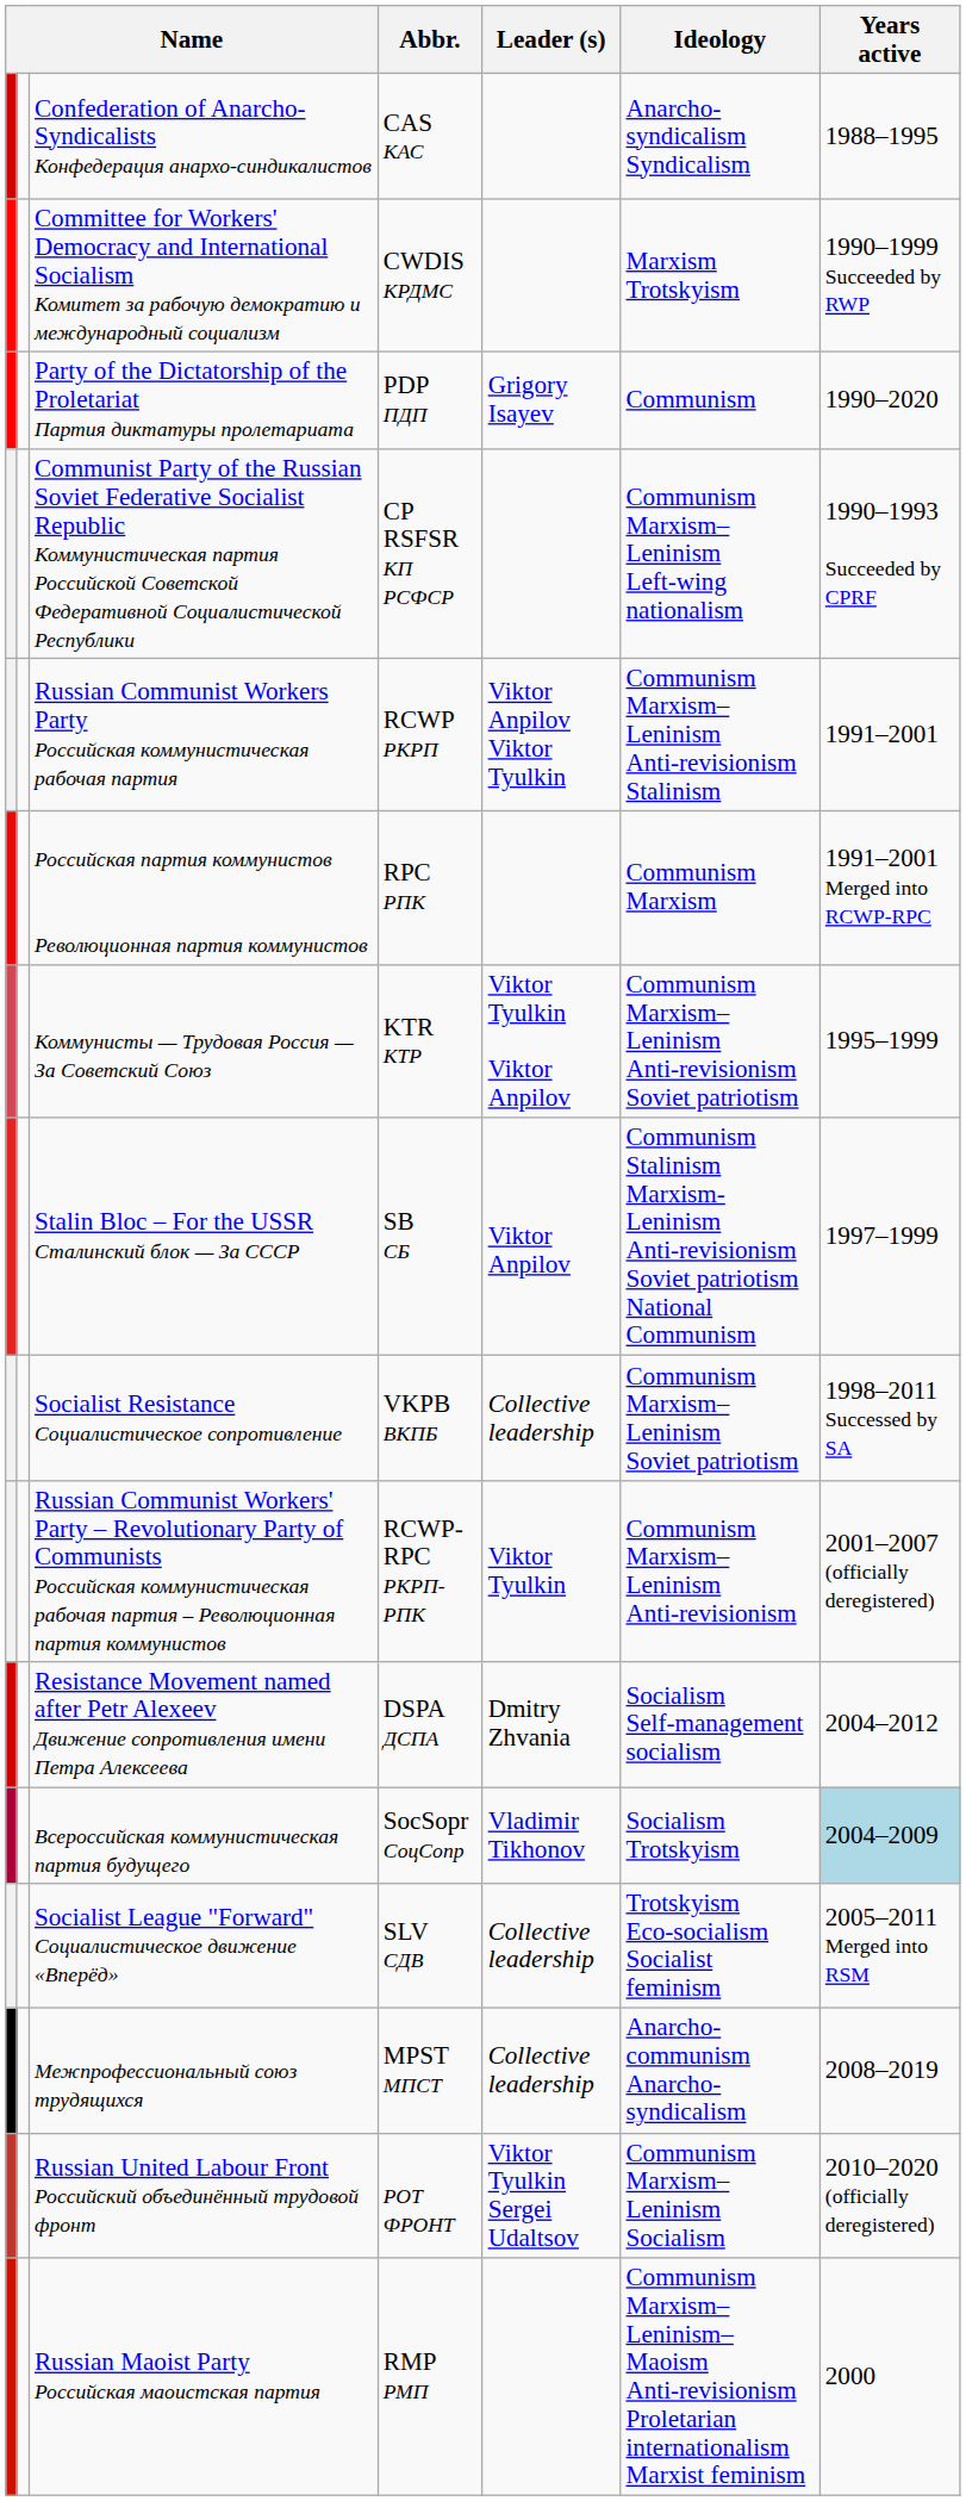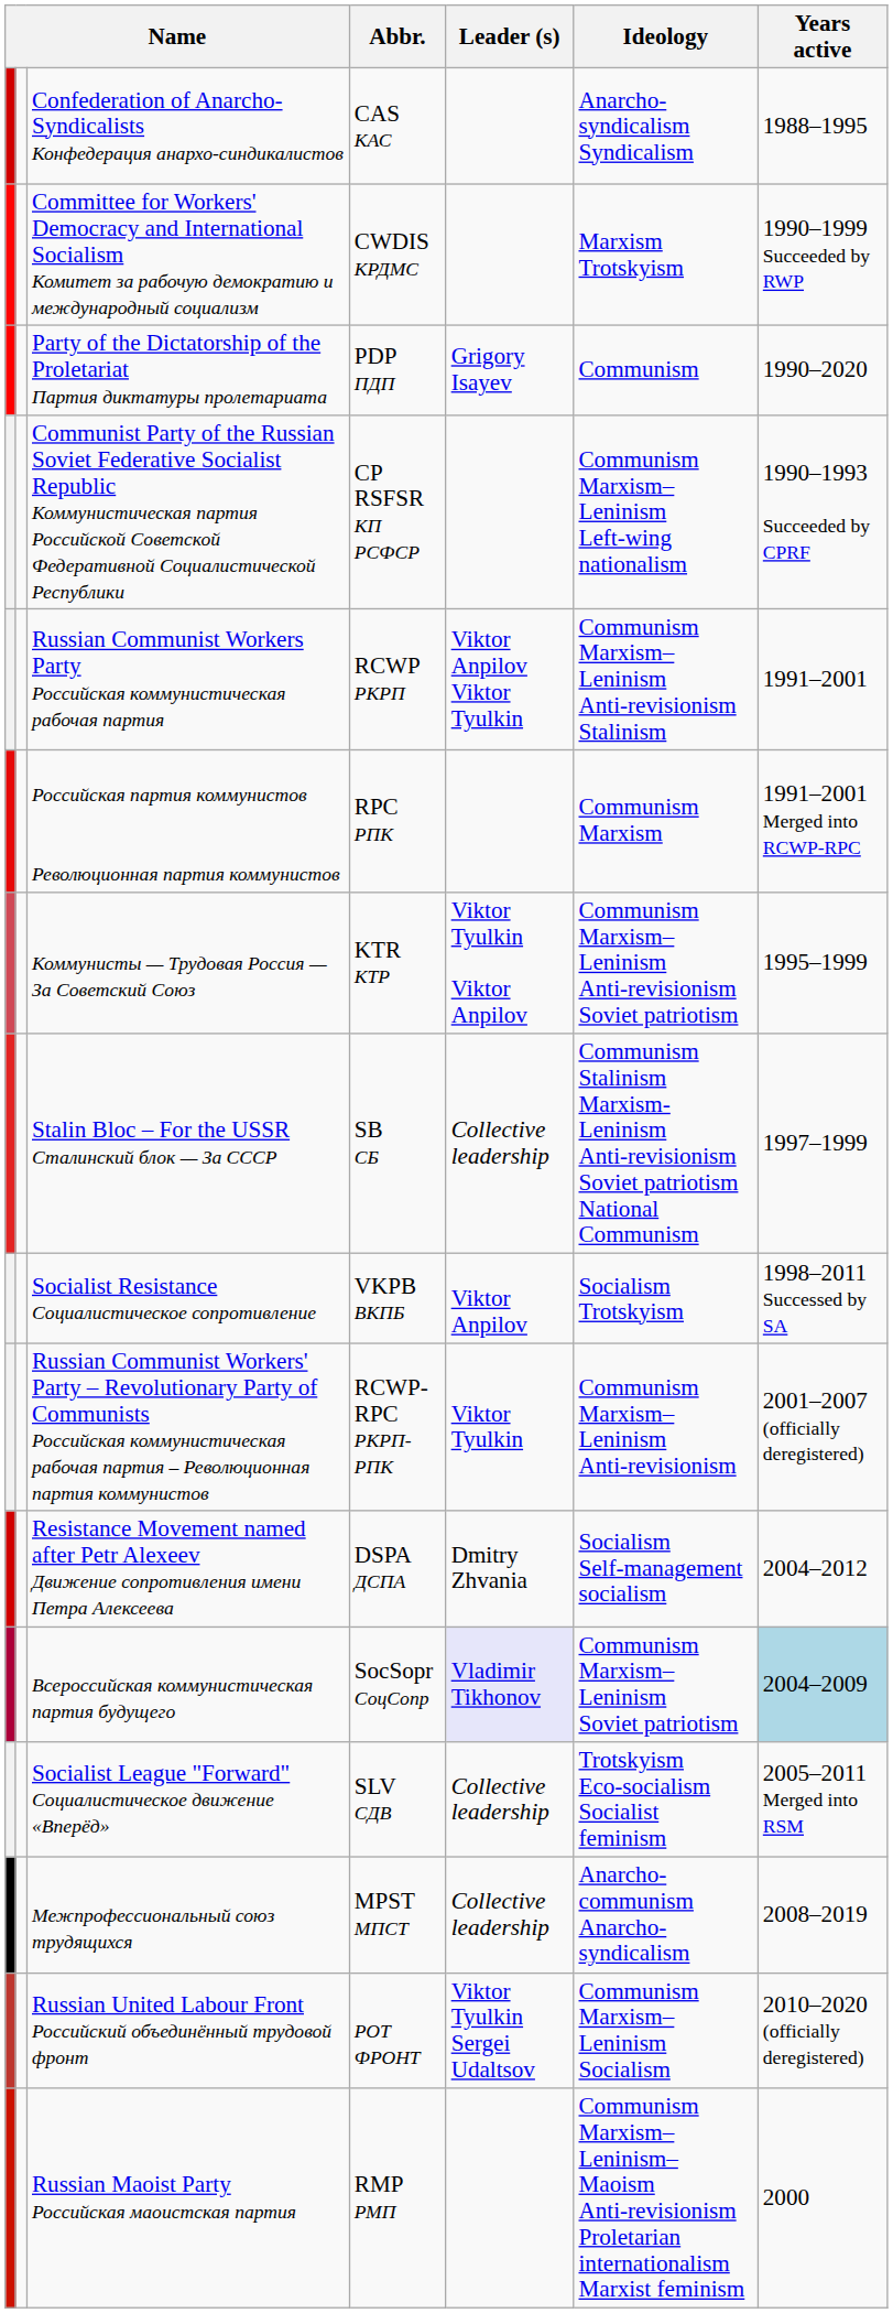 <table class="wikitable sortable">
 <tr>
 <th colspan=3>Name</th>
 <th>Abbr.</th>
 <th>Leader (s)</th>
 <th>Ideology</th>
 <th>Years active</th>
 </tr>
 <tr>
 <th style="background:#D10000;"></th>
 <td></td>
 <td><a href='#'>Confederation of Anarcho-Syndicalists</a><br><small><em>Конфедерация анархо-синдикалистов</em></small></td>
 <td>CAS<br><small><em>КАС</em></small></td>
 <td><br> <br>  <br>  <br> </td>
 <td><a href='#'>Anarcho-syndicalism</a><br><a href='#'>Syndicalism</a></td>
 <td>1988–1995</td>
 </tr>
 <tr>
 <th style="background:#FF0403;"></th>
 <td></td>
 <td><a href='#'>Committee for Workers' Democracy and International Socialism</a><br><small><em>Комитет за рабочую демократию и международный социализм</em></small></td>
 <td>CWDIS<br><small><em>КРДМС</em></small></td>
 <td></td>
 <td><a href='#'>Marxism</a><br><a href='#'>Trotskyism</a></td>
 <td>1990–1999<br><small>Succeeded by <a href='#'>RWP</a></small></td>
 </tr>
 <tr>
 <th style="background:#FF0000;"></th>
 <td></td>
 <td><a href='#'>Party of the Dictatorship of the Proletariat</a><br><small><em>Партия диктатуры пролетариата</em></small></td>
 <td>PDP<br><small><em>ПДП</em></small></td>
 <td><a href='#'>Grigory Isayev</a></td>
 <td><a href='#'>Communism</a><br></td>
 <td>1990–2020</td>
 </tr>
 <tr>
 <th style="background:"></th>
 <td></td>
 <td><a href='#'>Communist Party of the Russian Soviet Federative Socialist Republic</a><br><small><em>Коммунистическая партия Российской Советской Федеративной Социалистической Республики</em></small></td>
 <td>CP RSFSR<br><small><em>КП РСФСР</em></small></td>
 <td><br></td>
 <td><a href='#'>Communism</a><br><a href='#'>Marxism–Leninism</a><br><a href='#'>Left-wing nationalism</a></td>
 <td>1990–1993<br><br><small>Succeeded by <a href='#'>CPRF</a></small></td>
 </tr>
 <tr>
 <th style="background:"></th>
 <td></td>
 <td><a href='#'>Russian Communist Workers Party</a><br><small><em>Российская коммунистическая рабочая партия</em></small></td>
 <td>RCWP<br><small><em>РКРП</em></small></td>
 <td><a href='#'>Viktor Anpilov</a><br><a href='#'>Viktor Tyulkin</a></td>
 <td><a href='#'>Communism</a><br><a href='#'>Marxism–Leninism</a><br><a href='#'>Anti-revisionism</a><br><a href='#'>Stalinism</a></td>
 <td>1991–2001<br><small></small></td>
 </tr>
 <tr>
 <th style="background:#E70808;"></th>
 <td></td>
 <td> <br> <small><em>Российская партия коммунистов</em></small><br><br> <br> <small><em>Революционная партия коммунистов</em></small></td>
 <td>RPC<br><small><em>РПК</em></small></td>
 <td></td>
 <td><a href='#'>Communism</a><br><a href='#'>Marxism</a></td>
 <td>1991–2001<br><small>Merged into <a href='#'>RCWP-RPC</a></small></td>
 </tr>
 <tr>
 <th style="background:#D04856;"></th>
 <td></td>
 <td> <br><small><em>Коммунисты — Трудовая Россия — За Советский Союз</em></small></td>
 <td>KTR<br><small><em>КТР</em></small></td>
 <td><a href='#'>Viktor Tyulkin</a><br><br><a href='#'>Viktor Anpilov</a></td>
 <td><a href='#'>Communism</a><br><a href='#'>Marxism–Leninism</a><br><a href='#'>Anti-revisionism</a><br><a href='#'>Soviet patriotism</a></td>
 <td>1995–1999</td>
 </tr>
 <tr>
 <th style="background:#E32322;"></th>
 <td></td>
 <td><a href='#'>Stalin Bloc – For the USSR</a><br><small><em>Сталинский блок — За СССР</em></small></td>
 <td>SB<br><small><em>СБ</em></small></td>
-<td><br><a href='#'>Viktor Anpilov</a><br></td>
+<td><em>Collective leadership</em></td>
 <td><a href='#'>Communism</a><br><a href='#'>Stalinism</a><br><a href='#'>Marxism-Leninism</a><br><a href='#'>Anti-revisionism</a><br><a href='#'>Soviet patriotism</a><br><a href='#'>National Communism</a></td>
 <td>1997–1999</td>
 </tr>
 <tr>
 <th style="background:"></th>
 <td></td>
 <td><a href='#'>Socialist Resistance</a><br><small><em>Социалистическое сопротивление</em></small></td>
 <td>VKPB<br><small><em>ВКПБ</em></small></td>
-<td><em>Collective leadership</em></td>
-<td><a href='#'>Communism</a><br><a href='#'>Marxism–Leninism</a><br><a href='#'>Soviet patriotism</a></td>
+<td><br><a href='#'>Viktor Anpilov</a><br></td>
+<td><a href='#'>Socialism</a><br><a href='#'>Trotskyism</a></td>
 <td>1998–2011<br><small>Successed by <a href='#'>SA</a></small></td>
 </tr>
 <tr>
 <th style="background:"></th>
 <td></td>
 <td><a href='#'>Russian Communist Workers' Party – Revolutionary Party of Communists</a><br><small><em>Российская коммунистическая рабочая партия – Революционная партия коммунистов</em></small></td>
 <td>RCWP-RPC<br><small><em>РКРП-РПК</em></small></td>
 <td><a href='#'>Viktor Tyulkin</a></td>
 <td><a href='#'>Communism</a><br><a href='#'>Marxism–Leninism</a><br><a href='#'>Anti-revisionism</a></td>
 <td>2001–2007<br><small>(officially deregistered)</small></td>
 </tr>
 <tr>
 <th style="background:#D10000;"></th>
 <td></td>
 <td><a href='#'>Resistance Movement named after Petr Alexeev</a><br><small><em>Движение сопротивления имени Петра Алексеева</em></small></td>
 <td>DSPA<br><small><em>ДСПА</em></small></td>
 <td>Dmitry Zhvania</td>
 <td><a href='#'>Socialism</a><br><a href='#'>Self-management socialism</a></td>
 <td>2004–2012</td>
 </tr>
 <tr>
 <th style="background:#AC003A;"></th>
 <td></td>
 <td><br><small><em>Всероссийская коммунистическая партия будущего</em></small></td>
 <td>SocSopr<br><small><em>СоцСопр</em></small></td>
-<td><a href='#'>Vladimir Tikhonov</a><br></td>
-<td><a href='#'>Socialism</a><br><a href='#'>Trotskyism</a></td>
+<td style="background: lavender;"><a href='#'>Vladimir Tikhonov</a><br></td>
+<td><a href='#'>Communism</a><br><a href='#'>Marxism–Leninism</a><br><a href='#'>Soviet patriotism</a></td>
 <td style="background: lightblue;">2004–2009</td>
 </tr>
 <tr>
 <th style="background:"></th>
 <td></td>
 <td><a href='#'>Socialist League "Forward"</a><br><small><em>Социалистическое движение «Вперёд»</em></small></td>
 <td>SLV<br><small><em>СДВ</em></small></td>
 <td><em>Collective leadership</em></td>
 <td><a href='#'>Trotskyism</a><br><a href='#'>Eco-socialism</a><br><a href='#'>Socialist feminism</a></td>
 <td>2005–2011<br><small>Merged into <a href='#'>RSM</a></small></td>
 </tr>
 <tr>
 <th style="background:#000000;"></th>
 <td></td>
 <td><br><small><em>Межпрофессиональный союз трудящихся</em></small></td>
 <td>MPST<br><small><em>МПСТ</em></small></td>
 <td><em>Collective leadership</em></td>
 <td><a href='#'>Anarcho-communism</a><br><a href='#'>Anarcho-syndicalism</a></td>
 <td>2008–2019</td>
 </tr>
 <tr>
 <th style="background:#BD362F;"></th>
 <td></td>
 <td><a href='#'>Russian United Labour Front</a><br><small><em>Российский объединённый трудовой фронт</em></small></td>
 <td><br><small><em>РОТ ФРОНТ</em></small></td>
 <td><a href='#'>Viktor Tyulkin</a><br><a href='#'>Sergei Udaltsov</a></td>
 <td><a href='#'>Communism</a><br><a href='#'>Marxism–Leninism</a><br><a href='#'>Socialism</a></td>
 <td>2010–2020<br><small>(officially deregistered)</small></td>
 </tr>
 <tr>
 <th style="background:#CC1100;"></th>
 <td></td>
 <td><a href='#'>Russian Maoist Party</a><br><small><em>Российская маоистская партия</em></small></td>
 <td>RMP<br><small><em>РМП</em></small></td>
 <td></td>
 <td><a href='#'>Communism</a><br><a href='#'>Marxism–Leninism–Maoism</a><br><a href='#'>Anti-revisionism</a><br><a href='#'>Proletarian internationalism</a><br><a href='#'>Marxist feminism</a></td>
 <td>2000</td>
 </tr>
 </table>
